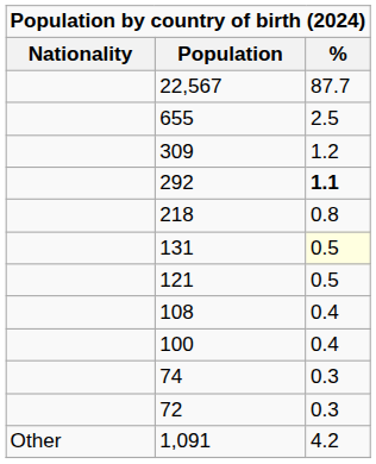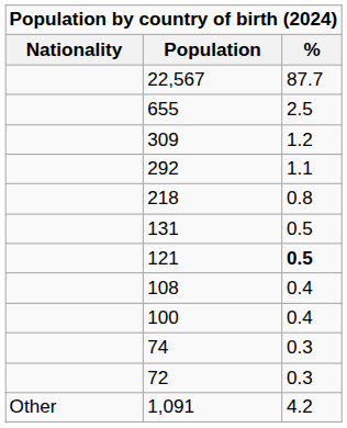 <table class="wikitable" style="float:right;">
 <tr>
 <td colspan="3"><strong>Population by country of birth (2024)</strong></td>
 </tr>
 <tr \>
 <th>Nationality</th>
 <th>Population</th>
 <th>%</th>
 </tr>
 <tr>
 <td></td>
 <td>22,567</td>
 <td>87.7</td>
 </tr>
 <tr>
 <td></td>
 <td>655</td>
 <td>2.5</td>
 </tr>
 <tr>
 <td></td>
 <td>309</td>
 <td>1.2</td>
 </tr>
 <tr>
 <td></td>
 <td>292</td>
-<td><strong>1.1</strong></td>
+<td>1.1</td>
 </tr>
 <tr>
 <td></td>
 <td>218</td>
 <td>0.8</td>
 </tr>
 <tr>
 <td></td>
 <td>131</td>
-<td style="background: lightyellow;">0.5</td>
+<td>0.5</td>
 </tr>
 <tr>
 <td></td>
 <td>121</td>
-<td>0.5</td>
+<td><strong>0.5</strong></td>
 </tr>
 <tr>
 <td></td>
 <td>108</td>
 <td>0.4</td>
 </tr>
 <tr>
 <td></td>
 <td>100</td>
 <td>0.4</td>
 </tr>
 <tr>
 <td></td>
 <td>74</td>
 <td>0.3</td>
 </tr>
 <tr>
 <td></td>
 <td>72</td>
 <td>0.3</td>
 </tr>
 <tr>
 <td>Other</td>
 <td>1,091</td>
 <td>4.2</td>
 </tr>
 <tr>
 </tr>
 </table>
